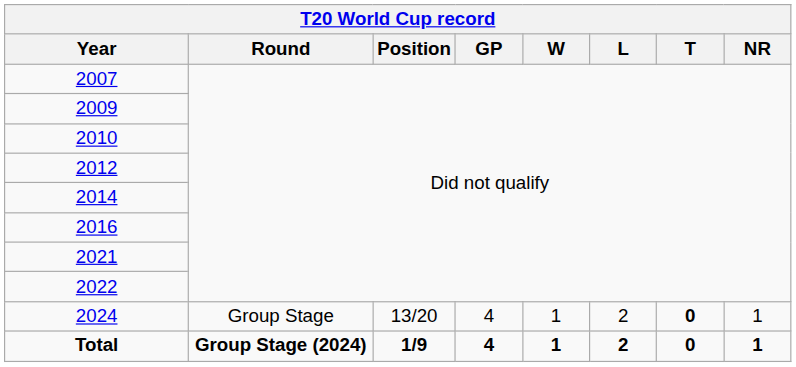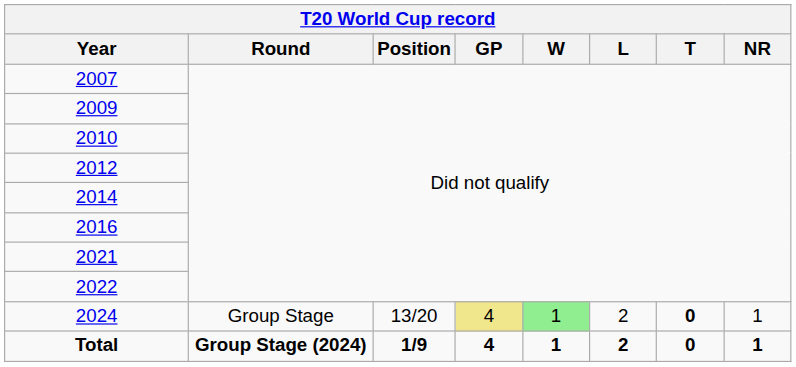 <table class="wikitable" style="text-align: center; width=900px;">
 <tr>
 <th colspan="8"><a href='#'>T20 World Cup record</a></th>
 </tr>
 <tr>
 <th width=150>Year</th>
 <th width=150>Round</th>
 <th width=50>Position</th>
 <th width=50>GP</th>
 <th width=50>W</th>
 <th width=50>L</th>
 <th width=50>T</th>
 <th width=50>NR</th>
 </tr>
 <tr>
 <td> <a href='#'>2007</a></td>
 <td colspan="7" rowspan="8">Did not qualify</td>
 </tr>
 <tr>
 <td> <a href='#'>2009</a></td>
 </tr>
 <tr>
 <td> <a href='#'>2010</a></td>
 </tr>
 <tr>
 <td> <a href='#'>2012</a></td>
 </tr>
 <tr>
 <td> <a href='#'>2014</a></td>
 </tr>
 <tr>
 <td> <a href='#'>2016</a></td>
 </tr>
 <tr>
 <td> <a href='#'>2021</a></td>
 </tr>
 <tr>
 <td> <a href='#'>2022</a></td>
 </tr>
 <tr>
 <td>  <a href='#'>2024</a></td>
 <td Group Stage>Group Stage</td>
 <td>13/20</td>
-<td>4</td>
-<td>1</td>
+<td style="background: khaki;">4</td>
+<td style="background: lightgreen;">1</td>
 <td>2</td>
 <td><strong>0</strong></td>
 <td>1</td>
 </tr>
 <tr>
 <td><strong>Total</strong></td>
 <td><strong>Group Stage (2024)</strong></td>
 <td><strong>1/9</strong></td>
 <td><strong>4</strong></td>
 <td><strong>1</strong></td>
 <td><strong>2</strong></td>
 <td><strong>0</strong></td>
 <td><strong>1</strong></td>
 </tr>
 </table>
